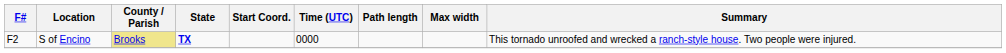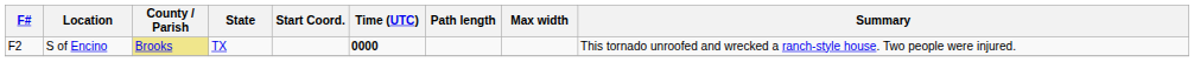 <table class="wikitable sortable" style="width:100%;">
 <tr>
 <th scope="col" style="width:3%; text-align:center;"><a href='#'>F#</a></th>
 <th scope="col" style="width:7%; text-align:center;" class="unsortable">Location</th>
 <th scope="col" style="width:6%; text-align:center;" class="unsortable">County / Parish</th>
 <th scope="col" style="width:5%; text-align:center;">State</th>
 <th scope="col" style="width:6%; text-align:center;">Start Coord.</th>
 <th scope="col" style="width:6%; text-align:center;">Time (<a href='#'>UTC</a>)</th>
 <th scope="col" style="width:6%; text-align:center;">Path length</th>
 <th scope="col" style="width:6%; text-align:center;">Max width</th>
 <th scope="col" class="unsortable" style="width:48%; text-align:center;">Summary</th>
 </tr>
 <tr>
 <td bgcolor=>F2</td>
 <td>S of <a href='#'>Encino</a></td>
 <td style="background: khaki;"><a href='#'>Brooks</a></td>
-<td><strong><a href='#'>TX</a></strong></td>
+<td><a href='#'>TX</a></td>
 <td></td>
-<td>0000</td>
+<td><strong>0000</strong></td>
 <td></td>
 <td></td>
 <td>This tornado unroofed and wrecked a <a href='#'>ranch-style house</a>. Two people were injured.</td>
 </tr>
 <tr>
 </tr>
 </table>
